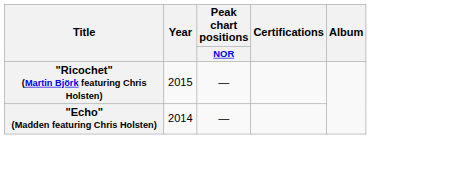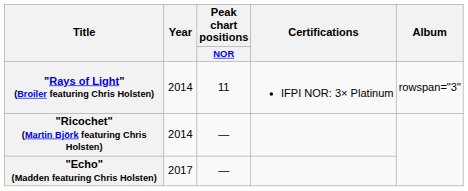 <table class="wikitable plainrowheaders" style="text-align:center;">
 <tr>
 <th scope="col" rowspan="2" style="width:14em;">Title</th>
 <th scope="col" rowspan="2" style="width:2.5em;">Year</th>
 <th scope="col" colspan="1">Peak chart positions</th>
 <th scope="col" rowspan="2">Certifications</th>
 <th scope="col" rowspan="2">Album</th>
 </tr>
 <tr>
 <th scope="col" style="width:3.5em;font-size:85%"><a href='#'>NOR</a><br></th>
 </tr>
 <tr>
+<th scope="row">"<a href='#'>Rays of Light</a>"<br><small>(<a href='#'>Broiler</a> featuring Chris Holsten)</small></th>
+<td>2014</td>
+<td>11</td>
+<td><br><ul><li>IFPI NOR: 3× Platinum</li></ul></td>
+<td>rowspan="3" </td>
+</tr>
+<tr>
 <th scope="row">"Ricochet"<br><small>(<a href='#'>Martin Björk</a> featuring Chris Holsten)</small></th>
-<td>2015</td>
+<td>2014</td>
 <td>—</td>
 <td></td>
 </tr>
 <tr>
 <th scope="row">"Echo"<br><small>(Madden featuring Chris Holsten)</small></th>
-<td>2014</td>
+<td>2017</td>
 <td>—</td>
 <td></td>
 </tr>
 </table>
